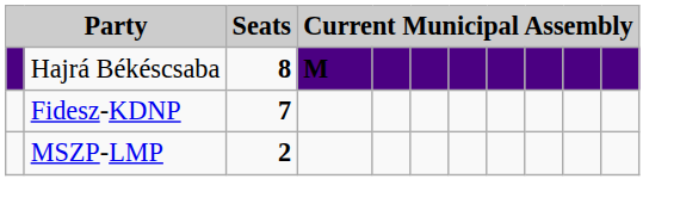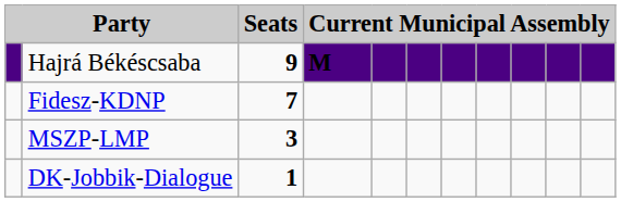 <table class="wikitable">
 <tr>
 <th style="background:#ccc" colspan="2">Party</th>
 <th style="background:#ccc">Seats</th>
 <th style="background:#ccc" colspan="8">Current Municipal Assembly</th>
 </tr>
 <tr>
 <td style="background-color: #4B0082"> </td>
 <td>Hajrá Békéscsaba</td>
-<td style="text-align: right"><strong>8</strong></td>
+<td style="text-align: right"><strong>9</strong></td>
 <td style="background-color: #4B0082"><span><strong>M</strong></span></td>
 <td style="background-color: #4B0082"> </td>
 <td style="background-color: #4B0082"> </td>
 <td style="background-color: #4B0082"> </td>
 <td style="background-color: #4B0082"> </td>
 <td style="background-color: #4B0082"> </td>
 <td style="background-color: #4B0082"> </td>
 <td style="background-color: #4B0082"> </td>
 </tr>
 <tr>
 <td style="background-color: "> </td>
 <td><a href='#'>Fidesz</a>-<a href='#'>KDNP</a></td>
 <td style="text-align: right"><strong>7</strong></td>
 <td style="background-color: "> </td>
 <td style="background-color: "> </td>
 <td style="background-color: "> </td>
 <td style="background-color: "> </td>
 <td style="background-color: "> </td>
 <td style="background-color: "> </td>
 <td style="background-color: "> </td>
 </tr>
 <tr>
 <td style="background-color: "> </td>
 <td><a href='#'>MSZP</a>-<a href='#'>LMP</a></td>
-<td style="text-align: right"><strong>2</strong></td>
+<td style="text-align: right"><strong>3</strong></td>
 <td style="background-color: "> </td>
 <td style="background-color: "> </td>
 <td> </td>
 <td> </td>
 <td> </td>
 <td> </td>
 <td> </td>
 <td> </td>
 </tr>
+<tr>
+<td style="background-color: "> </td>
+<td><a href='#'>DK</a>-<a href='#'>Jobbik</a>-<a href='#'>Dialogue</a></td>
+<td style="text-align: right"><strong>1</strong></td>
+<td style="background-color: "> </td>
+<td> </td>
+<td> </td>
+<td> </td>
+<td> </td>
+<td> </td>
+<td> </td>
+<td> </td>
+</tr>
 </table>
